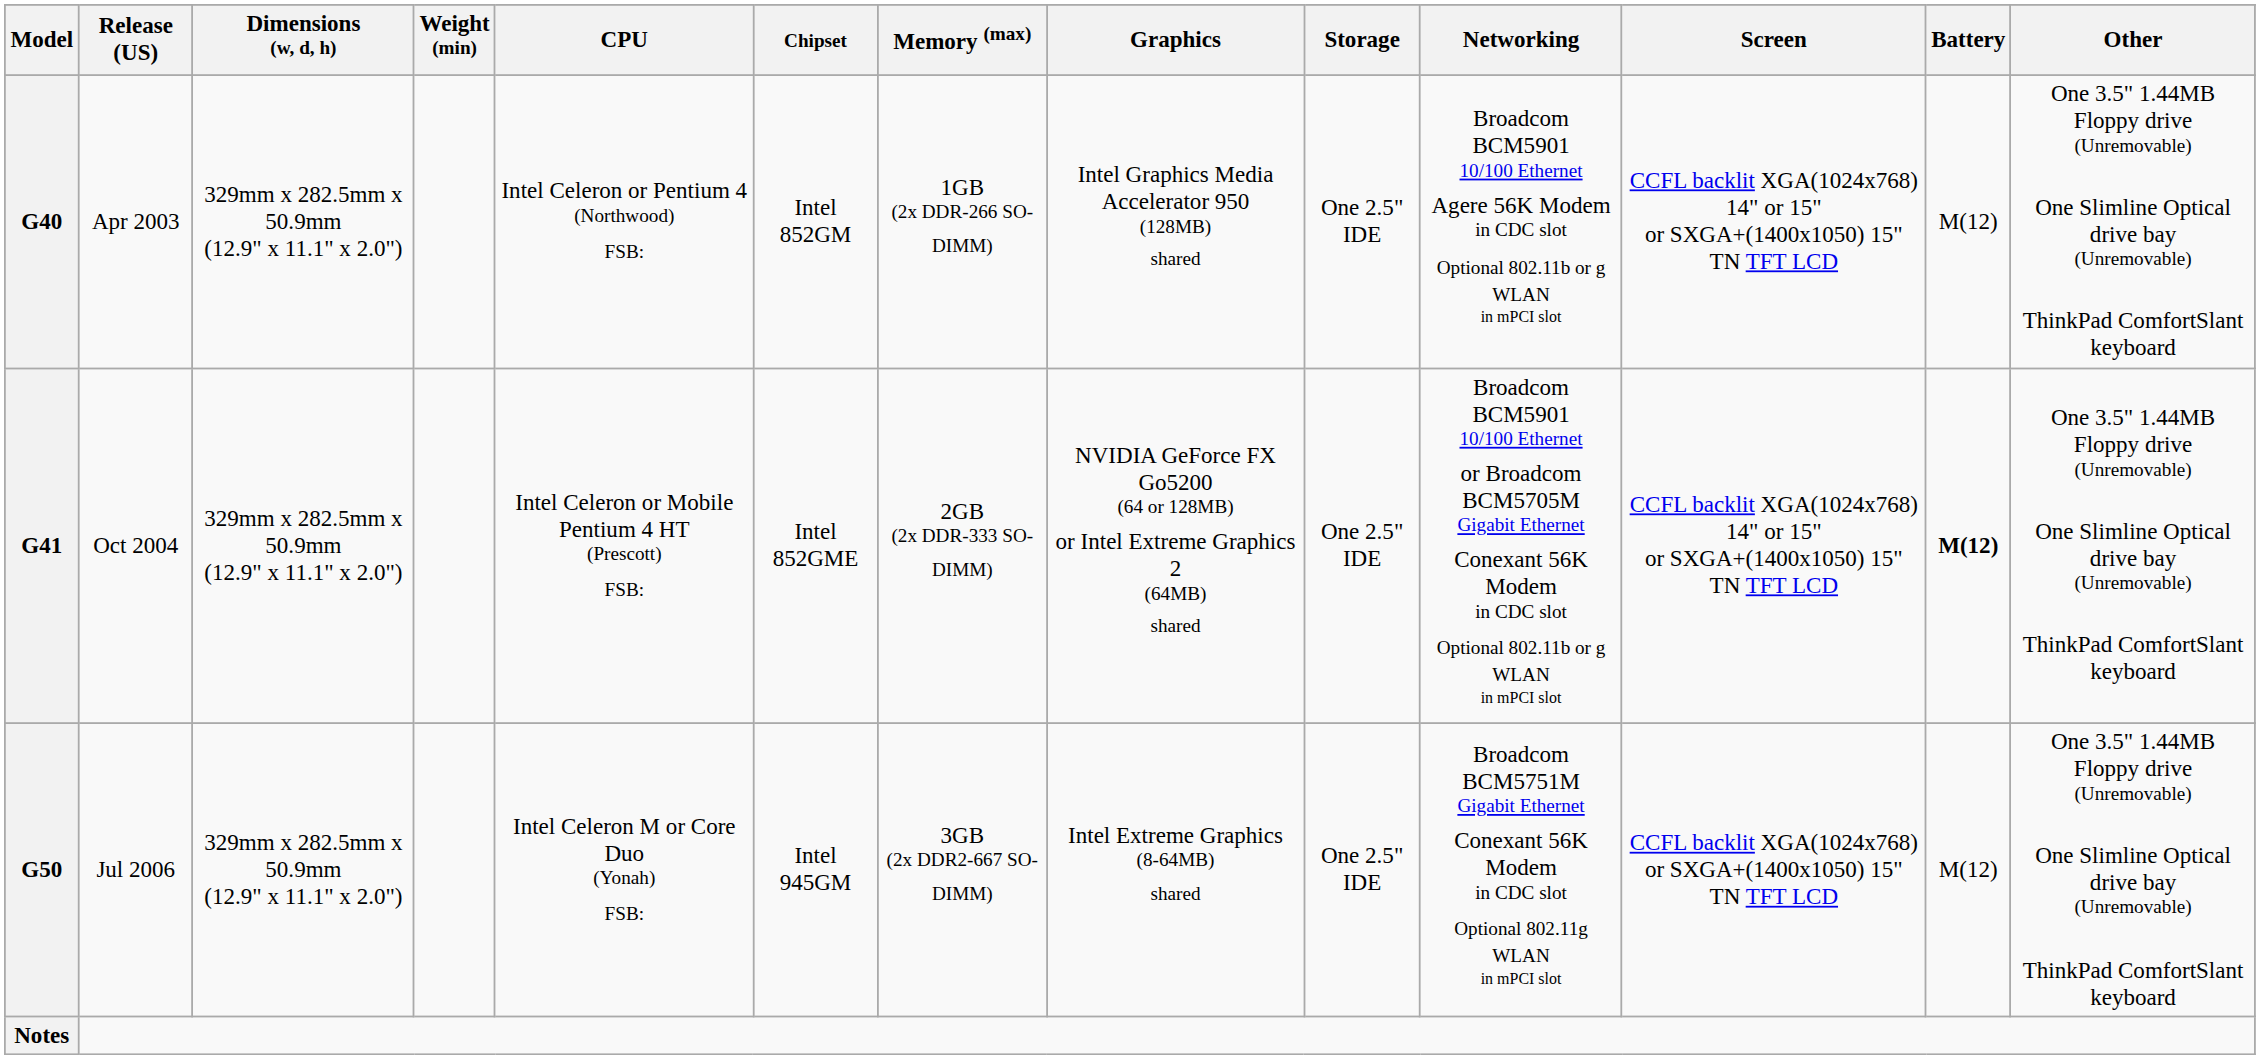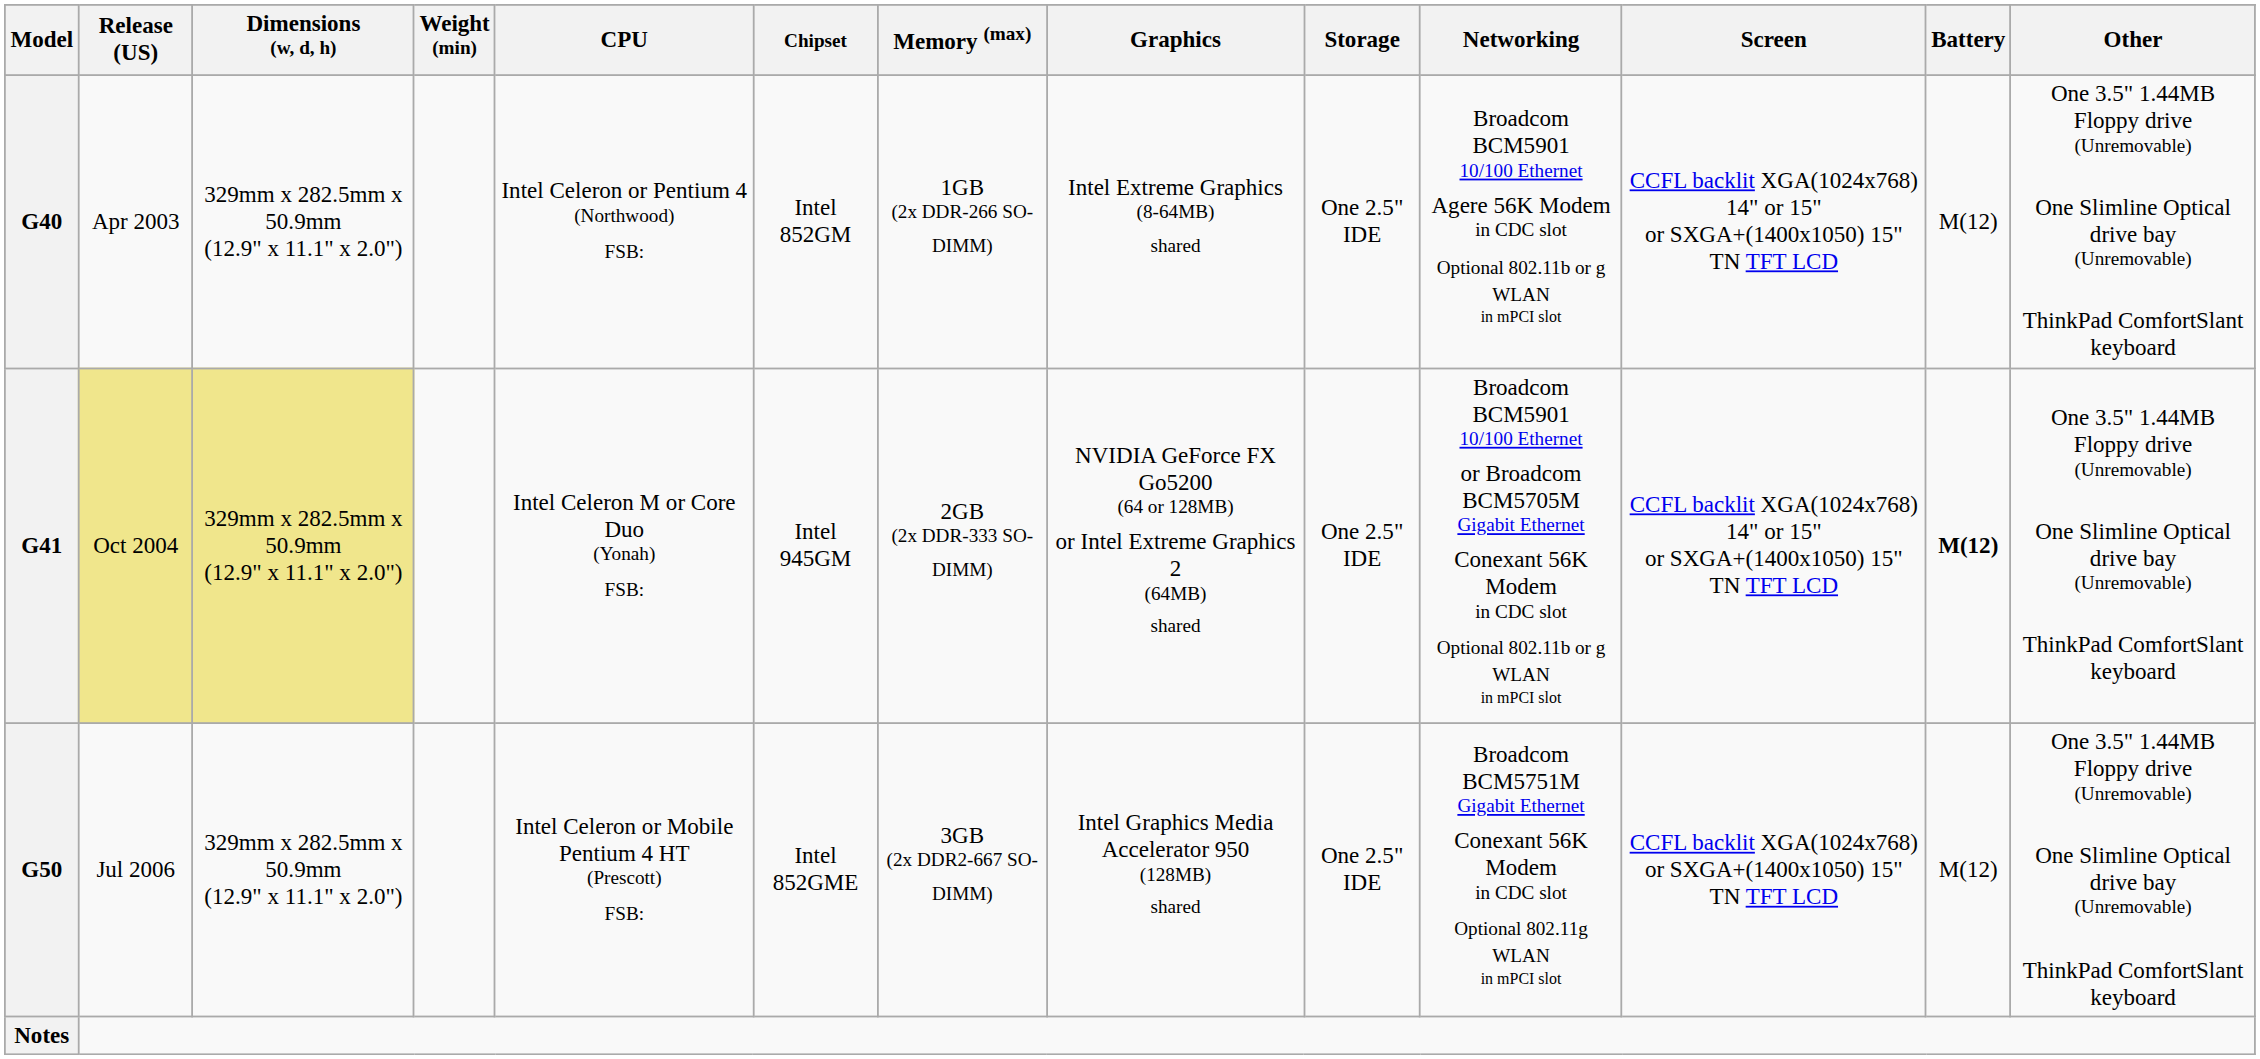 <table class="wikitable" style="font-size: 80%; minwidth: 100%; text-align: center;">
 <tr>
 <th>Model</th>
 <th>Release (US)</th>
 <th>Dimensions <br><sup>(w, d, h)</sup></th>
 <th>Weight <br><sup>(min)</sup></th>
 <th>CPU</th>
 <th><small>Chipset</small></th>
 <th>Memory <sup>(max)</sup></th>
 <th>Graphics</th>
 <th>Storage</th>
 <th>Networking</th>
 <th>Screen</th>
 <th>Battery</th>
 <th>Other</th>
 </tr>
 <tr>
 <th>G40</th>
 <td>Apr 2003</td>
 <td>329mm x 282.5mm x 50.9mm <br>(12.9" x 11.1" x 2.0")</td>
 <td></td>
 <td style="background:">Intel Celeron or Pentium 4 <br><sup>(Northwood)</sup> <br><small>FSB: </small></td>
 <td>Intel 852GM</td>
 <td style="background:">1GB <br><sup>(2x DDR-266 SO-DIMM)</sup></td>
-<td style="background:">Intel Graphics Media Accelerator 950 <br><sup>(128MB) <br>shared</sup></td>
+<td style="background:">Intel Extreme Graphics <br><sup>(8-64MB) <br>shared</sup></td>
 <td style="background:">One 2.5" IDE</td>
 <td>Broadcom BCM5901 <br><sup><a href='#'>10/100 Ethernet</a></sup> <br>Agere 56K Modem <br><sup>in CDC slot</sup> <br><small>Optional 802.11b or g WLAN <br><sup>in mPCI slot</sup></small></td>
 <td style="background:"><a href='#'>CCFL backlit</a> XGA(1024x768) 14" or 15" <br>or SXGA+(1400x1050) 15" TN <a href='#'>TFT LCD</a></td>
 <td style="background:">M(12)</td>
 <td>One 3.5" 1.44MB Floppy drive <br><sup>(Unremovable)</sup> <br><br>One Slimline Optical drive bay <br><sup>(Unremovable)</sup> <br><br>ThinkPad ComfortSlant keyboard</td>
 </tr>
 <tr>
 <th>G41</th>
-<td>Oct 2004</td>
-<td>329mm x 282.5mm x 50.9mm <br>(12.9" x 11.1" x 2.0")</td>
+<td style="background: khaki;">Oct 2004</td>
+<td style="background: khaki;">329mm x 282.5mm x 50.9mm <br>(12.9" x 11.1" x 2.0")</td>
 <td></td>
-<td style="background:">Intel Celeron or Mobile Pentium 4 HT <br><sup>(Prescott)</sup> <br><small>FSB: </small></td>
-<td>Intel 852GME</td>
+<td style="background:">Intel Celeron M or Core Duo <br><sup>(Yonah)</sup> <br><small>FSB: </small></td>
+<td>Intel 945GM</td>
 <td style="background:">2GB <br><sup>(2x DDR-333 SO-DIMM)</sup></td>
 <td style="background:">NVIDIA GeForce FX Go5200 <br><sup>(64 or 128MB)</sup> <br>or Intel Extreme Graphics 2<br><sup>(64MB) <br>shared</sup></td>
 <td style="background:">One 2.5" IDE</td>
 <td>Broadcom BCM5901 <br><sup><a href='#'>10/100 Ethernet</a></sup> <br>or Broadcom BCM5705M <br><sup><a href='#'>Gigabit Ethernet</a></sup><br>Conexant 56K Modem <br><sup>in CDC slot</sup> <br><small>Optional 802.11b or g WLAN <br><sup>in mPCI slot</sup></small></td>
 <td style="background:"><a href='#'>CCFL backlit</a> XGA(1024x768) 14" or 15" <br>or SXGA+(1400x1050) 15" TN <a href='#'>TFT LCD</a></td>
 <td style="background:"><strong>M(12)</strong></td>
 <td>One 3.5" 1.44MB Floppy drive <br><sup>(Unremovable)</sup> <br><br>One Slimline Optical drive bay <br><sup>(Unremovable)</sup> <br><br>ThinkPad ComfortSlant keyboard</td>
 </tr>
 <tr>
 <th>G50 </th>
 <td>Jul 2006</td>
 <td>329mm x 282.5mm x 50.9mm <br>(12.9" x 11.1" x 2.0")</td>
 <td></td>
-<td style="background:">Intel Celeron M or Core Duo <br><sup>(Yonah)</sup> <br><small>FSB: </small></td>
-<td>Intel 945GM</td>
+<td style="background:">Intel Celeron or Mobile Pentium 4 HT <br><sup>(Prescott)</sup> <br><small>FSB: </small></td>
+<td>Intel 852GME</td>
 <td style="background:">3GB <br><sup>(2x DDR2-667 SO-DIMM)</sup></td>
-<td style="background:">Intel Extreme Graphics <br><sup>(8-64MB) <br>shared</sup></td>
+<td style="background:">Intel Graphics Media Accelerator 950 <br><sup>(128MB) <br>shared</sup></td>
 <td style="background:">One 2.5" IDE</td>
 <td>Broadcom BCM5751M <br><sup><a href='#'>Gigabit Ethernet</a></sup><br>Conexant 56K Modem <br><sup>in CDC slot</sup> <br><small>Optional 802.11g WLAN <br><sup>in mPCI slot</sup></small></td>
 <td style="background:"><a href='#'>CCFL backlit</a> XGA(1024x768) <br>or SXGA+(1400x1050) 15" TN <a href='#'>TFT LCD</a></td>
 <td style="background:">M(12)</td>
 <td>One 3.5" 1.44MB Floppy drive <br><sup>(Unremovable)</sup> <br><br>One Slimline Optical drive bay <br><sup>(Unremovable)</sup> <br><br>ThinkPad ComfortSlant keyboard</td>
 </tr>
 <tr>
 <th>Notes</th>
 <td colspan="12"></td>
 </tr>
 </table>
